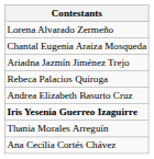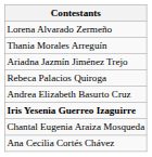 <table class="wikitable sortable" style="font-size: 95%;">
 <tr>
 <th>Contestants</th>
 </tr>
 <tr>
 <td>Lorena Alvarado Zermeño</td>
 </tr>
 <tr>
-<td>Chantal Eugenia Araiza Mosqueda</td>
+<td>Thania Morales Arreguín</td>
 </tr>
 <tr>
 <td>Ariadna Jazmín Jiménez Trejo</td>
 </tr>
 <tr>
 <td>Rebeca Palacios Quiroga</td>
 </tr>
 <tr>
 <td>Andrea Elizabeth Basurto Cruz</td>
 </tr>
 <tr>
 <td><strong>Iris Yesenia Guerreo Izaguirre</strong></td>
 </tr>
 <tr>
-<td>Thania Morales Arreguín</td>
+<td>Chantal Eugenia Araiza Mosqueda</td>
 </tr>
 <tr>
 <td>Ana Cecilia Cortés Chávez</td>
 </tr>
 </table>
